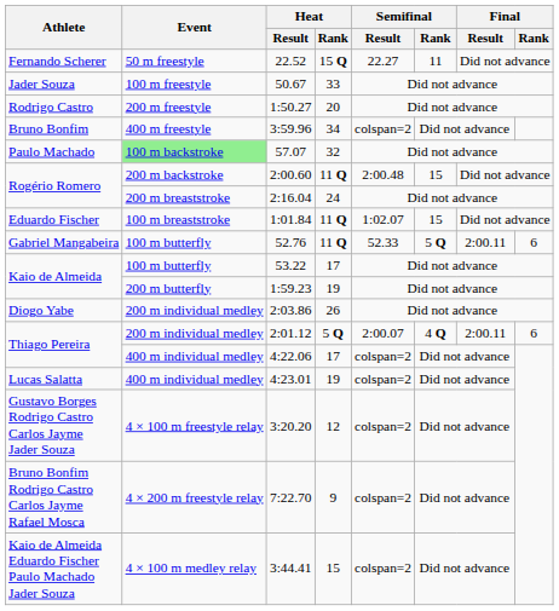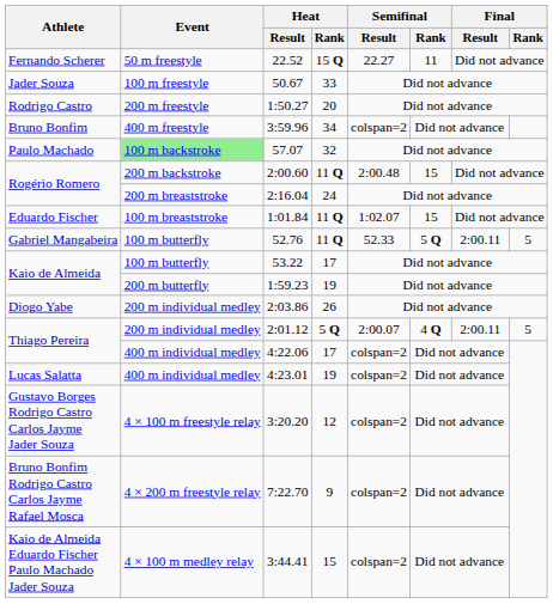 <table class="wikitable" style="font-size:90%;">
 <tr>
 <th rowspan="2">Athlete</th>
 <th rowspan="2">Event</th>
 <th colspan="2">Heat</th>
 <th colspan="2">Semifinal</th>
 <th colspan="2">Final</th>
 </tr>
 <tr style="font-size:95%">
 <th>Result</th>
 <th>Rank</th>
 <th>Result</th>
 <th>Rank</th>
 <th>Result</th>
 <th>Rank</th>
 </tr>
 <tr align=center>
 <td align=left><a href='#'>Fernando Scherer</a></td>
 <td align=left><a href='#'>50 m freestyle</a></td>
 <td>22.52</td>
 <td>15 <strong>Q</strong></td>
 <td>22.27</td>
 <td>11</td>
 <td colspan=2>Did not advance</td>
 </tr>
 <tr align=center>
 <td align=left><a href='#'>Jader Souza</a></td>
 <td align=left><a href='#'>100 m freestyle</a></td>
 <td>50.67</td>
 <td>33</td>
 <td colspan=4>Did not advance</td>
 </tr>
 <tr align=center>
 <td align=left><a href='#'>Rodrigo Castro</a></td>
 <td align=left><a href='#'>200 m freestyle</a></td>
 <td>1:50.27</td>
 <td>20</td>
 <td colspan=4>Did not advance</td>
 </tr>
 <tr align=center>
 <td align=left><a href='#'>Bruno Bonfim</a></td>
 <td align=left><a href='#'>400 m freestyle</a></td>
 <td>3:59.96</td>
 <td>34</td>
 <td>colspan=2 </td>
 <td colspan=2>Did not advance</td>
 </tr>
 <tr align=center>
 <td align=left><a href='#'>Paulo Machado</a></td>
 <td align=left style="background: lightgreen;"><a href='#'>100 m backstroke</a></td>
 <td>57.07</td>
 <td>32</td>
 <td colspan=4>Did not advance</td>
 </tr>
 <tr align=center>
 <td align=left rowspan=2><a href='#'>Rogério Romero</a></td>
 <td align=left><a href='#'>200 m backstroke</a></td>
 <td>2:00.60</td>
 <td>11 <strong>Q</strong></td>
 <td>2:00.48</td>
 <td>15</td>
 <td colspan=2>Did not advance</td>
 </tr>
 <tr align=center>
 <td align=left><a href='#'>200 m breaststroke</a></td>
 <td>2:16.04</td>
 <td>24</td>
 <td colspan=4>Did not advance</td>
 </tr>
 <tr align=center>
 <td align=left><a href='#'>Eduardo Fischer</a></td>
 <td align=left><a href='#'>100 m breaststroke</a></td>
 <td>1:01.84</td>
 <td>11 <strong>Q</strong></td>
 <td>1:02.07</td>
 <td>15</td>
 <td colspan=2>Did not advance</td>
 </tr>
 <tr align=center>
 <td align=left><a href='#'>Gabriel Mangabeira</a></td>
 <td align=left><a href='#'>100 m butterfly</a></td>
 <td>52.76</td>
 <td>11 <strong>Q</strong></td>
 <td>52.33</td>
 <td>5 <strong>Q</strong></td>
 <td>2:00.11</td>
-<td>6</td>
+<td>5</td>
 </tr>
 <tr align=center>
 <td align=left rowspan=2><a href='#'>Kaio de Almeida</a></td>
 <td align=left><a href='#'>100 m butterfly</a></td>
 <td>53.22</td>
 <td>17</td>
 <td colspan=4>Did not advance</td>
 </tr>
 <tr align=center>
 <td align=left><a href='#'>200 m butterfly</a></td>
 <td>1:59.23</td>
 <td>19</td>
 <td colspan=4>Did not advance</td>
 </tr>
 <tr align=center>
 <td align=left><a href='#'>Diogo Yabe</a></td>
 <td align=left><a href='#'>200 m individual medley</a></td>
 <td>2:03.86</td>
 <td>26</td>
 <td colspan=4>Did not advance</td>
 </tr>
 <tr align=center>
 <td align=left rowspan=2><a href='#'>Thiago Pereira</a></td>
 <td align=left><a href='#'>200 m individual medley</a></td>
 <td>2:01.12</td>
 <td>5 <strong>Q</strong></td>
 <td>2:00.07</td>
 <td>4 <strong>Q</strong></td>
 <td>2:00.11</td>
-<td>6</td>
+<td>5</td>
 </tr>
 <tr align=center>
 <td align=left><a href='#'>400 m individual medley</a></td>
 <td>4:22.06</td>
 <td>17</td>
 <td>colspan=2 </td>
 <td colspan=2>Did not advance</td>
 </tr>
 <tr align=center>
 <td align=left><a href='#'>Lucas Salatta</a></td>
 <td align=left><a href='#'>400 m individual medley</a></td>
 <td>4:23.01</td>
 <td>19</td>
 <td>colspan=2 </td>
 <td colspan=2>Did not advance</td>
 </tr>
 <tr align=center>
 <td align=left><a href='#'>Gustavo Borges</a><br><a href='#'>Rodrigo Castro</a><br><a href='#'>Carlos Jayme</a><br><a href='#'>Jader Souza</a></td>
 <td align=left><a href='#'>4 × 100 m freestyle relay</a></td>
 <td>3:20.20</td>
 <td>12</td>
 <td>colspan=2 </td>
 <td colspan=2>Did not advance</td>
 </tr>
 <tr align=center>
 <td align=left><a href='#'>Bruno Bonfim</a><br><a href='#'>Rodrigo Castro</a><br><a href='#'>Carlos Jayme</a><br><a href='#'>Rafael Mosca</a></td>
 <td align=left><a href='#'>4 × 200 m freestyle relay</a></td>
 <td>7:22.70</td>
 <td>9</td>
 <td>colspan=2 </td>
 <td colspan=2>Did not advance</td>
 </tr>
 <tr align=center>
 <td align=left><a href='#'>Kaio de Almeida</a><br><a href='#'>Eduardo Fischer</a><br><a href='#'>Paulo Machado</a><br><a href='#'>Jader Souza</a></td>
 <td align=left><a href='#'>4 × 100 m medley relay</a></td>
 <td>3:44.41</td>
 <td>15</td>
 <td>colspan=2 </td>
 <td colspan=2>Did not advance</td>
 </tr>
 </table>
